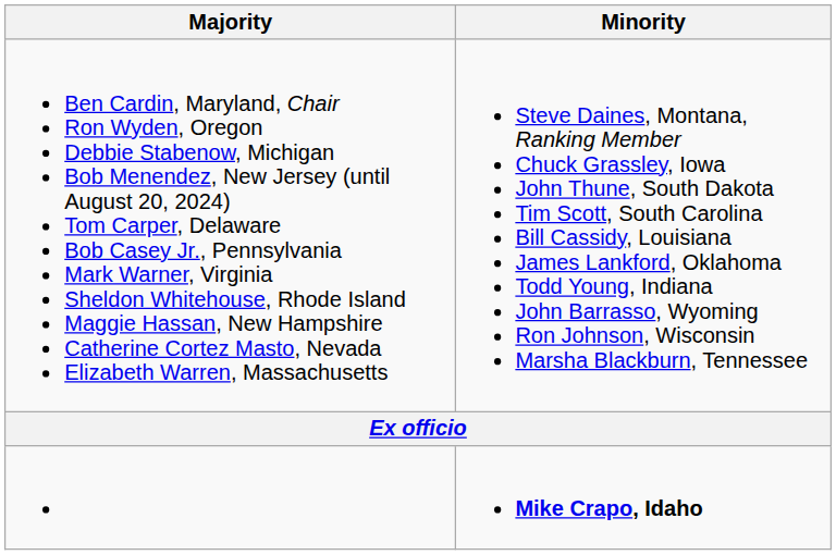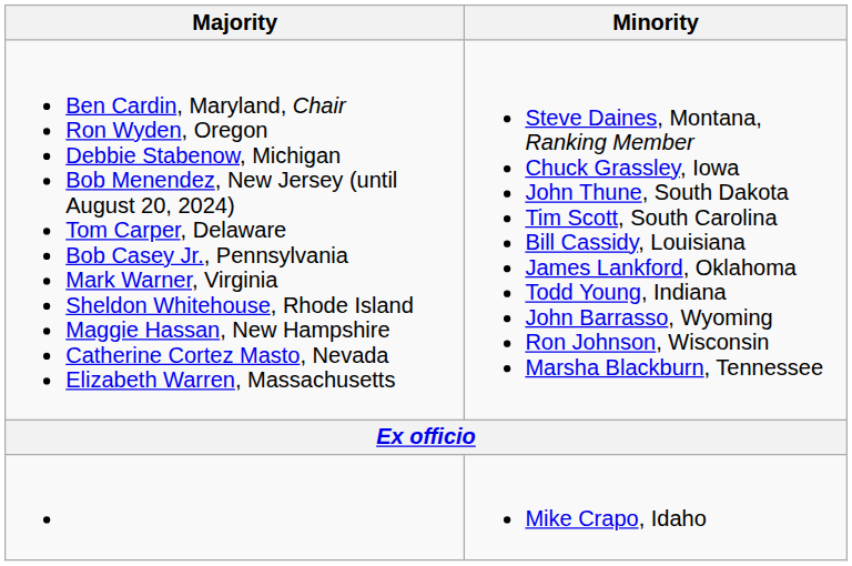 <table class=wikitable>
 <tr>
 <th>Majority</th>
 <th>Minority</th>
 </tr>
 <tr>
 <td><br><ul><li><a href='#'>Ben Cardin</a>, Maryland, <em>Chair</em></li><li><a href='#'>Ron Wyden</a>, Oregon</li><li><a href='#'>Debbie Stabenow</a>, Michigan</li><li><a href='#'>Bob Menendez</a>, New Jersey (until August 20, 2024)</li><li><a href='#'>Tom Carper</a>, Delaware</li><li><a href='#'>Bob Casey Jr.</a>, Pennsylvania</li><li><a href='#'>Mark Warner</a>, Virginia</li><li><a href='#'>Sheldon Whitehouse</a>, Rhode Island</li><li><a href='#'>Maggie Hassan</a>, New Hampshire</li><li><a href='#'>Catherine Cortez Masto</a>, Nevada</li><li><a href='#'>Elizabeth Warren</a>, Massachusetts</li></ul></td>
 <td><br><ul><li><a href='#'>Steve Daines</a>, Montana, <em>Ranking Member</em></li><li><a href='#'>Chuck Grassley</a>, Iowa</li><li><a href='#'>John Thune</a>, South Dakota</li><li><a href='#'>Tim Scott</a>, South Carolina</li><li><a href='#'>Bill Cassidy</a>, Louisiana</li><li><a href='#'>James Lankford</a>, Oklahoma</li><li><a href='#'>Todd Young</a>, Indiana</li><li><a href='#'>John Barrasso</a>, Wyoming</li><li><a href='#'>Ron Johnson</a>, Wisconsin</li><li><a href='#'>Marsha Blackburn</a>, Tennessee</li></ul></td>
 </tr>
 <tr>
 <th colspan=2><em><a href='#'>Ex officio</a></em></th>
 </tr>
 <tr>
 <td><br><ul><li></li></ul></td>
-<td><strong><br><ul><li><a href='#'>Mike Crapo</a>, Idaho</li></ul></strong></td>
+<td><br><ul><li><a href='#'>Mike Crapo</a>, Idaho</li></ul></td>
 </tr>
 </table>
